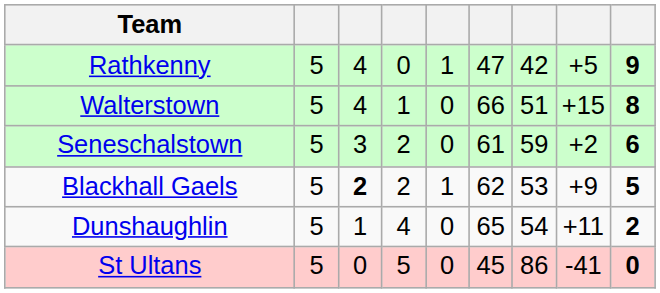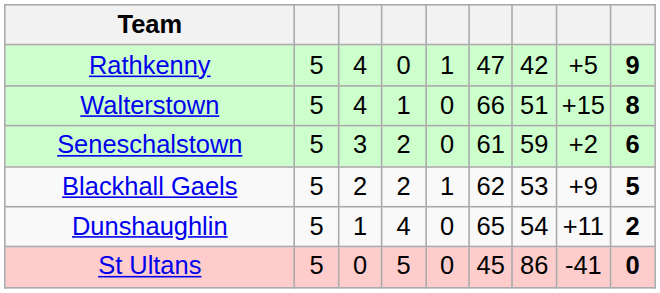 <table class="wikitable" style="text-align:center">
 <tr>
 <th width="175">Team</th>
 <th width="20"></th>
 <th width="20"></th>
 <th width="20"></th>
 <th width="20"></th>
 <th width="20"></th>
 <th width="20"></th>
 <th width="20"></th>
 <th width="20"></th>
 </tr>
 <tr bgcolor="ccffcc">
 <td><a href='#'>Rathkenny</a></td>
 <td>5</td>
 <td>4</td>
 <td>0</td>
 <td>1</td>
 <td>47</td>
 <td>42</td>
 <td>+5</td>
 <td><strong>9</strong></td>
 </tr>
 <tr bgcolor="ccffcc">
 <td><a href='#'>Walterstown</a></td>
 <td>5</td>
 <td>4</td>
 <td>1</td>
 <td>0</td>
 <td>66</td>
 <td>51</td>
 <td>+15</td>
 <td><strong>8</strong></td>
 </tr>
 <tr bgcolor="ccffcc">
 <td><a href='#'>Seneschalstown</a></td>
 <td>5</td>
 <td>3</td>
 <td>2</td>
 <td>0</td>
 <td>61</td>
 <td>59</td>
 <td>+2</td>
 <td><strong>6</strong></td>
 </tr>
 <tr>
 <td><a href='#'>Blackhall Gaels</a></td>
 <td>5</td>
-<td><strong>2</strong></td>
+<td>2</td>
 <td>2</td>
 <td>1</td>
 <td>62</td>
 <td>53</td>
 <td>+9</td>
 <td><strong>5</strong></td>
 </tr>
 <tr>
 <td><a href='#'>Dunshaughlin</a></td>
 <td>5</td>
 <td>1</td>
 <td>4</td>
 <td>0</td>
 <td>65</td>
 <td>54</td>
 <td>+11</td>
 <td><strong>2</strong></td>
 </tr>
 <tr bgcolor="ffcccc">
 <td><a href='#'>St Ultans</a></td>
 <td>5</td>
 <td>0</td>
 <td>5</td>
 <td>0</td>
 <td>45</td>
 <td>86</td>
 <td>-41</td>
 <td><strong>0</strong></td>
 </tr>
 </table>
